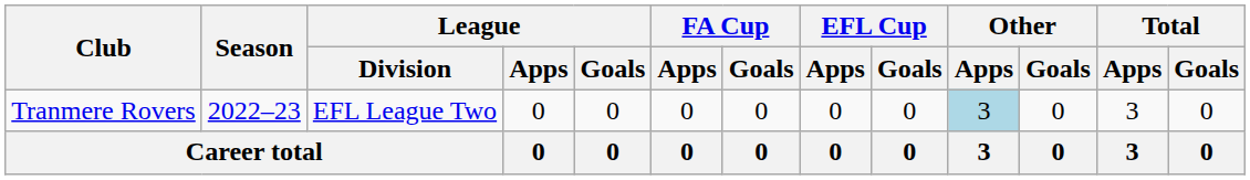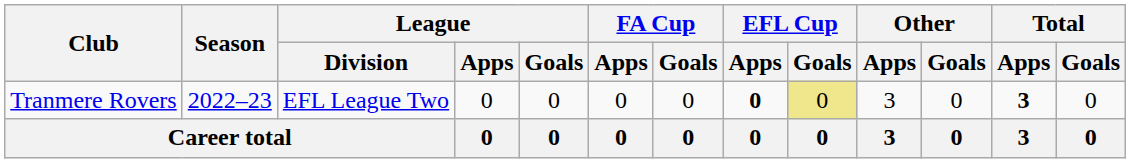 <table class="wikitable" style="text-align:center;">
 <tr>
 <th rowspan="2">Club</th>
 <th rowspan="2">Season</th>
 <th colspan="3">League</th>
 <th colspan="2"><a href='#'>FA Cup</a></th>
 <th colspan="2"><a href='#'>EFL Cup</a></th>
 <th colspan="2">Other</th>
 <th colspan="2">Total</th>
 </tr>
 <tr>
 <th>Division</th>
 <th>Apps</th>
 <th>Goals</th>
 <th>Apps</th>
 <th>Goals</th>
 <th>Apps</th>
 <th>Goals</th>
 <th>Apps</th>
 <th>Goals</th>
 <th>Apps</th>
 <th>Goals</th>
 </tr>
 <tr>
 <td><a href='#'>Tranmere Rovers</a></td>
 <td><a href='#'>2022–23</a></td>
 <td><a href='#'>EFL League Two</a></td>
 <td>0</td>
 <td>0</td>
 <td>0</td>
 <td>0</td>
+<td><strong>0</strong></td>
+<td style="background: khaki;">0</td>
+<td>3</td>
 <td>0</td>
-<td>0</td>
-<td style="background: lightblue;">3</td>
-<td>0</td>
-<td>3</td>
+<td><strong>3</strong></td>
 <td>0</td>
 </tr>
 <tr>
 <th colspan="3">Career total</th>
 <th>0</th>
 <th>0</th>
 <th>0</th>
 <th>0</th>
 <th>0</th>
 <th>0</th>
 <th>3</th>
 <th>0</th>
 <th>3</th>
 <th>0</th>
 </tr>
 </table>
